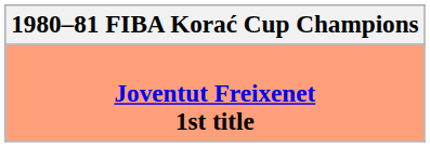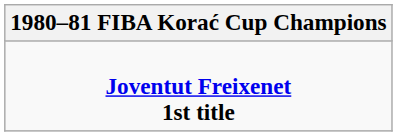 <table class=wikitable style="text-align:center; margin:auto">
 <tr>
 <th>1980–81 FIBA Korać Cup Champions</th>
 </tr>
 <tr>
-<td style="background: lightsalmon;"><br> <strong><a href='#'>Joventut Freixenet</a></strong> <br> <strong>1st title</strong></td>
+<td><br> <strong><a href='#'>Joventut Freixenet</a></strong> <br> <strong>1st title</strong></td>
 </tr>
 </table>
